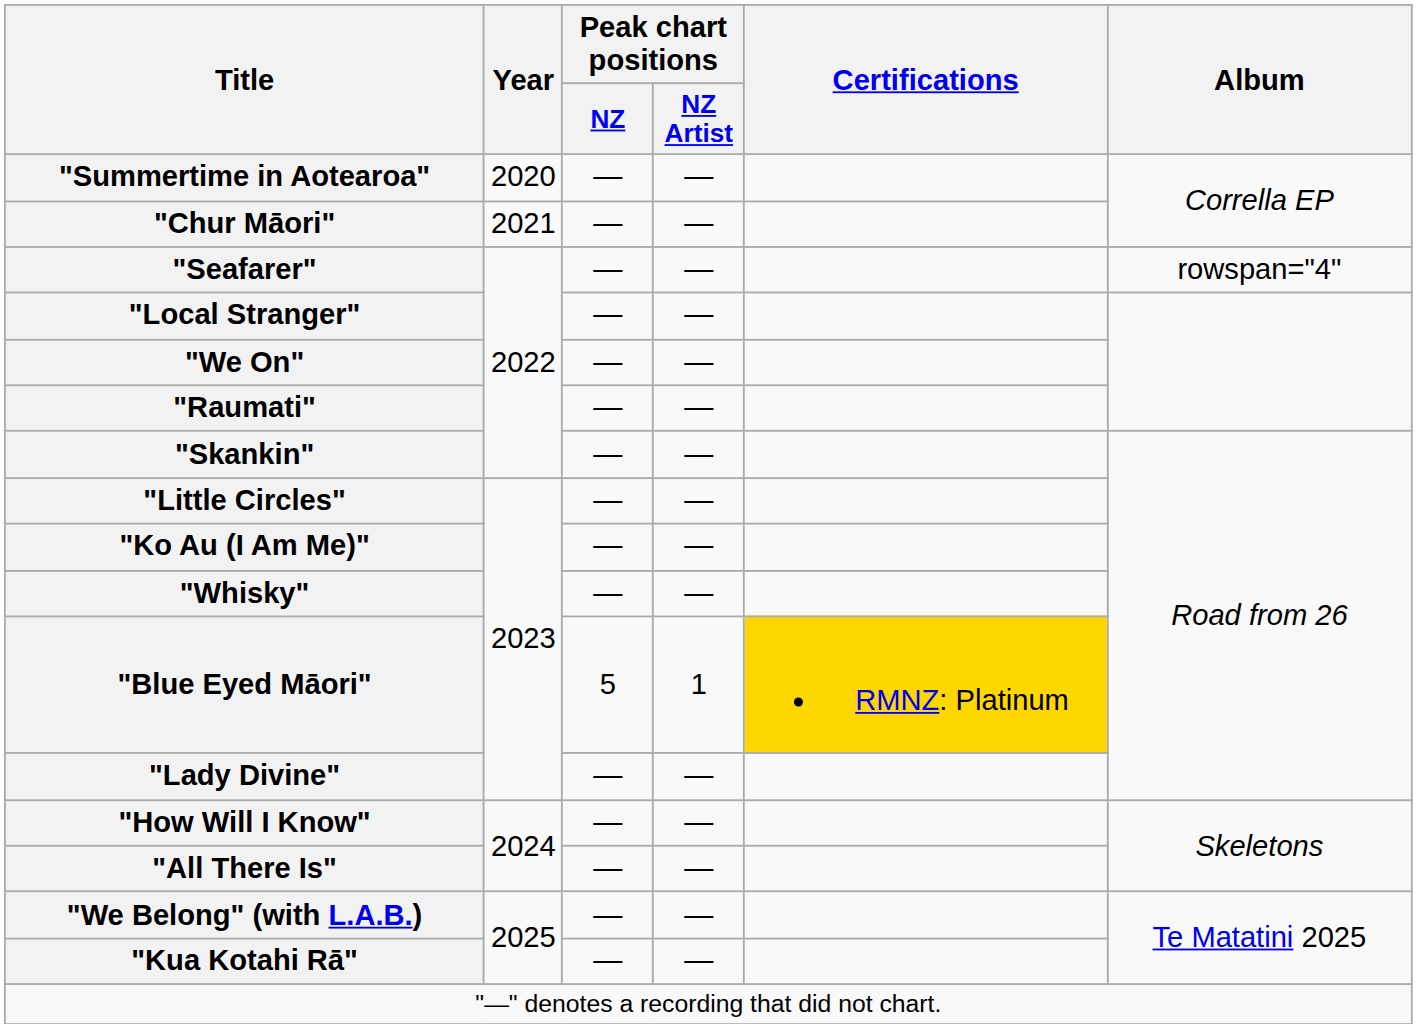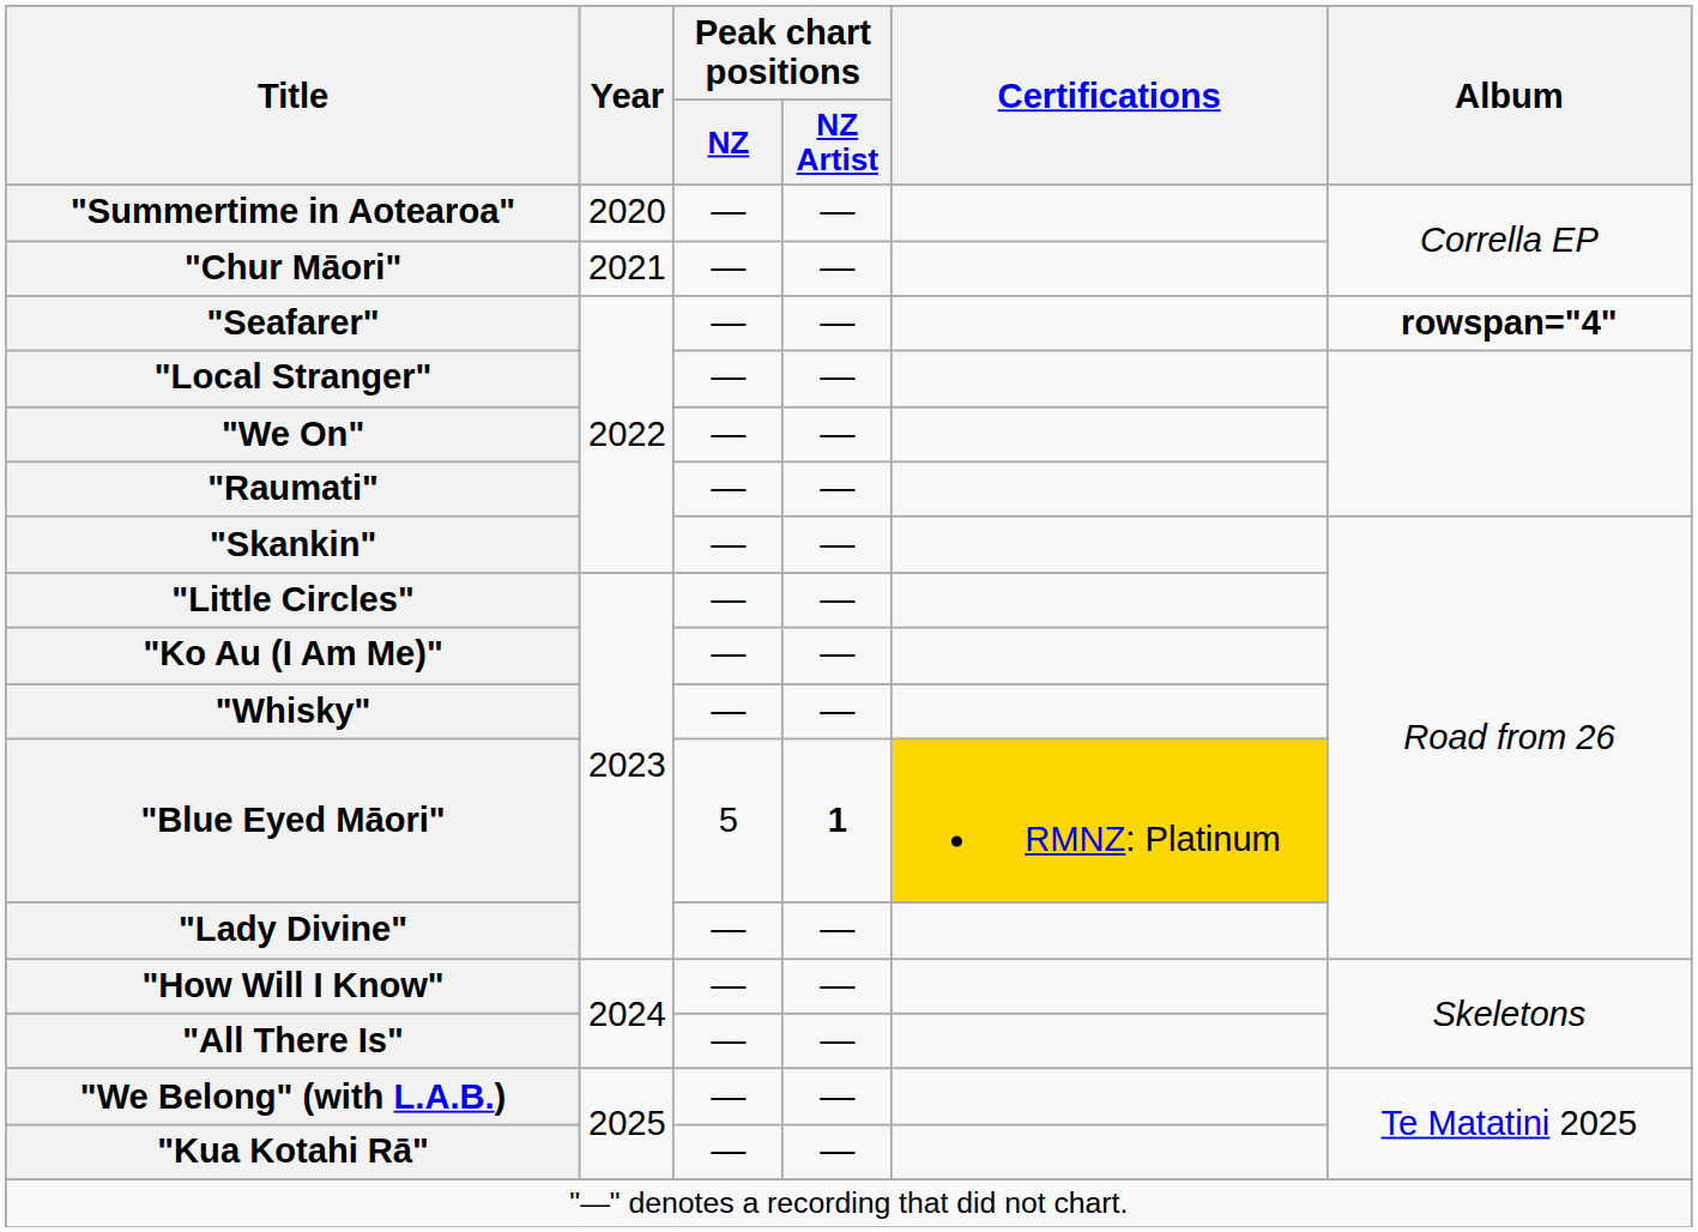 <table class="wikitable plainrowheaders" style="text-align:center;">
 <tr>
 <th scope="col" rowspan="2" style="width:16em;">Title</th>
 <th scope="col" rowspan="2" style="width:1em;">Year</th>
 <th scope="col" colspan="2">Peak chart positions</th>
 <th scope="col" rowspan="2" style="width:12em;"><a href='#'>Certifications</a></th>
 <th scope="col" rowspan="2" style="width:10em;">Album</th>
 </tr>
 <tr>
 <th scope="col" style="width:3em;font-size:90%;"><a href='#'>NZ</a><br></th>
 <th scope="col" style="width:3em;font-size:90%;"><a href='#'>NZ<br>Artist</a><br></th>
 </tr>
 <tr>
 <th scope="row">"Summertime in Aotearoa"</th>
 <td>2020</td>
 <td>—</td>
 <td>—</td>
 <td></td>
 <td rowspan="2"><em>Corrella EP</em></td>
 </tr>
 <tr>
 <th scope="row">"Chur Māori"</th>
 <td>2021</td>
 <td>—</td>
 <td>—</td>
 <td></td>
 </tr>
 <tr>
 <th scope="row">"Seafarer"</th>
 <td rowspan="5">2022</td>
 <td>—</td>
 <td>—</td>
 <td></td>
-<td>rowspan="4" </td>
+<td><strong>rowspan="4" </strong></td>
 </tr>
 <tr>
 <th scope="row">"Local Stranger"</th>
 <td>—</td>
 <td>—</td>
 <td></td>
 </tr>
 <tr>
 <th scope="row">"We On"</th>
 <td>—</td>
 <td>—</td>
 <td></td>
 </tr>
 <tr>
 <th scope="row">"Raumati"</th>
 <td>—</td>
 <td>—</td>
 <td></td>
 </tr>
 <tr>
 <th scope="row">"Skankin"</th>
 <td>—</td>
 <td>—</td>
 <td></td>
 <td rowspan="6"><em>Road from 26</em></td>
 </tr>
 <tr>
 <th scope="row">"Little Circles"</th>
 <td rowspan="5">2023</td>
 <td>—</td>
 <td>—</td>
 <td></td>
 </tr>
 <tr>
 <th scope="row">"Ko Au (I Am Me)"</th>
 <td>—</td>
 <td>—</td>
 <td></td>
 </tr>
 <tr>
 <th scope="row">"Whisky"</th>
 <td>—</td>
 <td>—</td>
 <td></td>
 </tr>
 <tr>
 <th scope="row">"Blue Eyed Māori"</th>
 <td>5<br></td>
-<td>1</td>
+<td><strong>1</strong></td>
 <td style="background: gold;"><br><ul><li><a href='#'>RMNZ</a>: Platinum</li></ul></td>
 </tr>
 <tr>
 <th scope="row">"Lady Divine"</th>
 <td>—</td>
 <td>—</td>
 <td></td>
 </tr>
 <tr>
 <th scope="row">"How Will I Know"</th>
 <td rowspan="2">2024</td>
 <td>—</td>
 <td>—</td>
 <td></td>
 <td rowspan="2"><em>Skeletons</em></td>
 </tr>
 <tr>
 <th scope="row">"All There Is"</th>
 <td>—</td>
 <td>—</td>
 <td></td>
 </tr>
 <tr>
 <th scope="row">"We Belong" (with <a href='#'>L.A.B.</a>)</th>
 <td rowspan="2">2025</td>
 <td>—</td>
 <td>—</td>
 <td></td>
 <td rowspan="2"><a href='#'>Te Matatini</a> 2025</td>
 </tr>
 <tr>
 <th scope="row">"Kua Kotahi Rā"</th>
 <td>—</td>
 <td>—</td>
 <td></td>
 </tr>
 <tr>
 <td colspan="8" style="font-size:85%;">"—" denotes a recording that did not chart.</td>
 </tr>
 </table>
